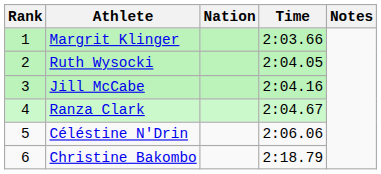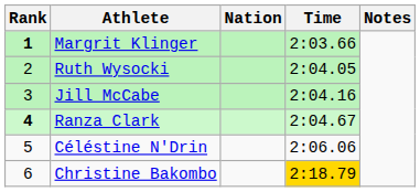 <table class="wikitable sortable" style="text-align:center">
 <tr>
 <th>Rank</th>
 <th>Athlete</th>
 <th>Nation</th>
 <th>Time</th>
 <th>Notes</th>
 </tr>
 <tr style="background:#bbf3bb;">
-<td>1</td>
+<td><strong>1</strong></td>
 <td align=left><a href='#'>Margrit Klinger</a></td>
 <td align=left></td>
 <td>2:03.66</td>
 </tr>
 <tr style="background:#bbf3bb;">
 <td>2</td>
 <td align=left><a href='#'>Ruth Wysocki</a></td>
 <td align=left></td>
 <td>2:04.05</td>
 </tr>
 <tr style="background:#bbf3bb;">
 <td>3</td>
 <td align=left><a href='#'>Jill McCabe</a></td>
 <td align=left></td>
 <td>2:04.16</td>
 </tr>
 <tr style="background:#ccf9cc;">
-<td>4</td>
+<td><strong>4</strong></td>
 <td align=left><a href='#'>Ranza Clark</a></td>
 <td align=left></td>
 <td>2:04.67</td>
 </tr>
 <tr>
 <td>5</td>
 <td align=left><a href='#'>Céléstine N'Drin</a></td>
 <td align=left></td>
 <td>2:06.06</td>
 </tr>
 <tr>
 <td>6</td>
 <td align=left><a href='#'>Christine Bakombo</a></td>
 <td align=left></td>
-<td>2:18.79</td>
+<td style="background: gold;">2:18.79</td>
 </tr>
 </table>
